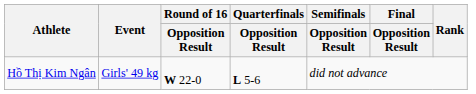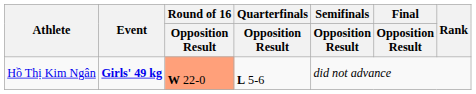 <table class="wikitable">
 <tr>
 <th rowspan="2">Athlete</th>
 <th rowspan="2">Event</th>
 <th>Round of 16</th>
 <th>Quarterfinals</th>
 <th>Semifinals</th>
 <th>Final</th>
 <th rowspan="2">Rank</th>
 </tr>
 <tr>
 <th>Opposition<br>Result</th>
 <th>Opposition<br>Result</th>
 <th>Opposition<br>Result</th>
 <th>Opposition<br>Result</th>
 </tr>
 <tr>
 <td align=left><a href='#'>Hồ Thị Kim Ngân</a></td>
-<td align=left><a href='#'>Girls' 49 kg</a></td>
-<td><br> <strong>W</strong> 22-0</td>
+<td align=left><strong><a href='#'>Girls' 49 kg</a></strong></td>
+<td style="background: lightsalmon;"><br> <strong>W</strong> 22-0</td>
 <td><br> <strong>L</strong> 5-6</td>
 <td Colspan=3><em>did not advance</em></td>
 </tr>
 </table>
